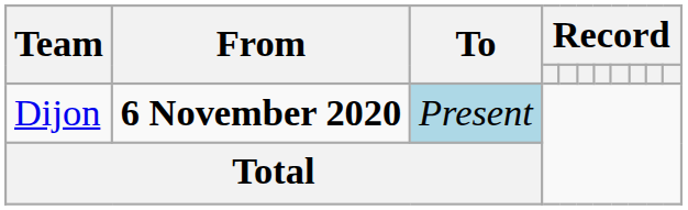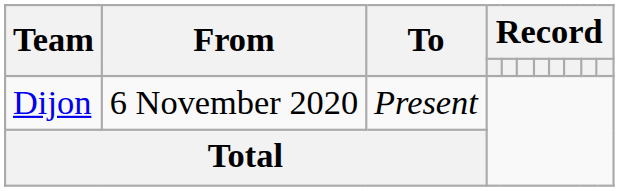 <table class="wikitable" style="text-align: center">
 <tr>
 <th rowspan=2>Team</th>
 <th rowspan=2>From</th>
 <th rowspan=2>To</th>
 <th colspan=8>Record</th>
 </tr>
 <tr>
 <th></th>
 <th></th>
 <th></th>
 <th></th>
 <th></th>
 <th></th>
 <th></th>
 <th></th>
 </tr>
 <tr>
 <td align=left><a href='#'>Dijon</a></td>
-<td align=left><strong>6 November 2020</strong></td>
-<td align=left style="background: lightblue;"><em> Present </em><br></td>
+<td align=left>6 November 2020</td>
+<td align=left><em> Present </em><br></td>
 </tr>
 <tr>
 <th colspan=3>Total<br></th>
 </tr>
 </table>
